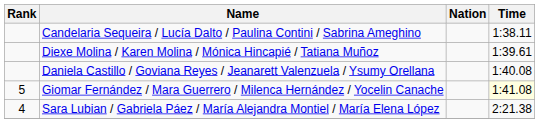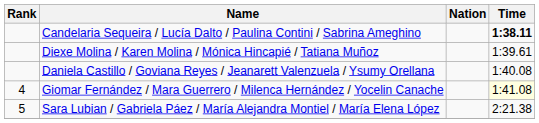 <table class="wikitable sortable" style="text-align:center">
 <tr>
 <th>Rank</th>
 <th>Name</th>
 <th>Nation</th>
 <th>Time</th>
 </tr>
 <tr>
 <td></td>
 <td align=left><a href='#'>Candelaria Sequeira</a> / <a href='#'>Lucía Dalto</a> / <a href='#'>Paulina Contini</a> / <a href='#'>Sabrina Ameghino</a></td>
 <td align=left></td>
-<td>1:38.11</td>
+<td><strong>1:38.11</strong></td>
 </tr>
 <tr>
 <td></td>
 <td align=left><a href='#'>Diexe Molina</a> / <a href='#'>Karen Molina</a> / <a href='#'>Mónica Hincapié</a> / <a href='#'>Tatiana Muñoz</a></td>
 <td align=left></td>
 <td>1:39.61</td>
 </tr>
 <tr>
 <td></td>
 <td align=left><a href='#'>Daniela Castillo</a> / <a href='#'>Goviana Reyes</a> / <a href='#'>Jeanarett Valenzuela</a> / <a href='#'>Ysumy Orellana</a></td>
 <td align=left></td>
 <td>1:40.08</td>
 </tr>
 <tr>
-<td>5</td>
+<td>4</td>
 <td align=left><a href='#'>Giomar Fernández</a> / <a href='#'>Mara Guerrero</a> / <a href='#'>Milenca Hernández</a> / <a href='#'>Yocelin Canache</a></td>
 <td align=left></td>
 <td style="background: lightyellow;">1:41.08</td>
 </tr>
 <tr>
-<td>4</td>
+<td>5</td>
 <td align=left><a href='#'>Sara Lubian</a> / <a href='#'>Gabriela Páez</a> / <a href='#'>María Alejandra Montiel</a> / <a href='#'>María Elena López</a></td>
 <td align=left></td>
 <td>2:21.38</td>
 </tr>
 <tr>
 </tr>
 </table>
